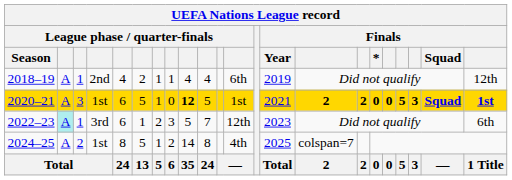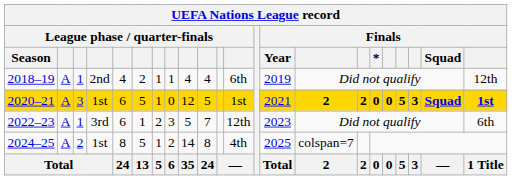 <table class="wikitable" style="text-align:center">
 <tr>
 <th colspan=22><a href='#'>UEFA Nations League</a> record</th>
 </tr>
 <tr>
 <th colspan=12>League phase / quarter-finals</th>
 <th rowspan=7></th>
 <th colspan=9>Finals</th>
 </tr>
 <tr>
 <th>Season</th>
 <th></th>
 <th></th>
 <th></th>
 <th></th>
 <th></th>
 <th></th>
 <th></th>
 <th></th>
 <th></th>
 <th></th>
 <th></th>
 <th>Year</th>
 <th></th>
 <th></th>
 <th>*</th>
 <th></th>
 <th></th>
 <th></th>
 <th>Squad</th>
 <th></th>
 </tr>
 <tr>
 <td><a href='#'>2018–19</a></td>
 <td><a href='#'>A</a></td>
 <td><a href='#'>1</a></td>
 <td>2nd</td>
 <td>4</td>
 <td>2</td>
 <td>1</td>
 <td>1</td>
 <td>4</td>
 <td>4</td>
 <td></td>
 <td>6th</td>
 <td> <a href='#'>2019</a></td>
 <td colspan=7><em>Did not qualify</em></td>
 <td>12th</td>
 </tr>
 <tr bgcolor=gold>
 <td><a href='#'>2020–21</a></td>
 <td><a href='#'>A</a></td>
 <td><a href='#'>3</a></td>
 <td>1st</td>
 <td>6</td>
 <td>5</td>
 <td>1</td>
 <td>0</td>
-<td><strong>12</strong></td>
+<td>12</td>
 <td>5</td>
 <td></td>
 <td>1st</td>
 <td> <a href='#'>2021</a></td>
 <td><strong>2</strong></td>
 <td><strong>2</strong></td>
 <td><strong>0</strong></td>
 <td><strong>0</strong></td>
 <td><strong>5</strong></td>
 <td><strong>3</strong></td>
 <td><strong><a href='#'>Squad</a></strong></td>
 <td><strong><a href='#'>1st</a></strong></td>
 </tr>
 <tr>
 <td><a href='#'>2022–23</a></td>
-<td style="background: paleturquoise;"><a href='#'>A</a></td>
+<td><a href='#'>A</a></td>
 <td><a href='#'>1</a></td>
 <td>3rd</td>
 <td>6</td>
 <td>1</td>
 <td>2</td>
 <td>3</td>
 <td>5</td>
 <td>7</td>
 <td></td>
 <td>12th</td>
 <td> <a href='#'>2023</a></td>
 <td colspan=7><em>Did not qualify</em></td>
 <td>6th</td>
 </tr>
 <tr>
 <td><a href='#'>2024–25</a></td>
 <td><a href='#'>A</a></td>
 <td><a href='#'>2</a></td>
 <td>1st</td>
 <td>8</td>
 <td>5</td>
 <td>1</td>
 <td>2</td>
 <td>14</td>
 <td>8</td>
 <td></td>
 <td>4th</td>
 <td> <a href='#'>2025</a></td>
 <td>colspan=7 </td>
 <td></td>
 </tr>
 <tr>
 <th colspan=4>Total</th>
 <th>24</th>
 <th>13</th>
 <th>5</th>
 <th>6</th>
 <th>35</th>
 <th>24</th>
 <th colspan=2>—</th>
 <th>Total</th>
 <th>2</th>
 <th>2</th>
 <th>0</th>
 <th>0</th>
 <th>5</th>
 <th>3</th>
 <th>—</th>
 <th>1 Title</th>
 </tr>
 </table>
